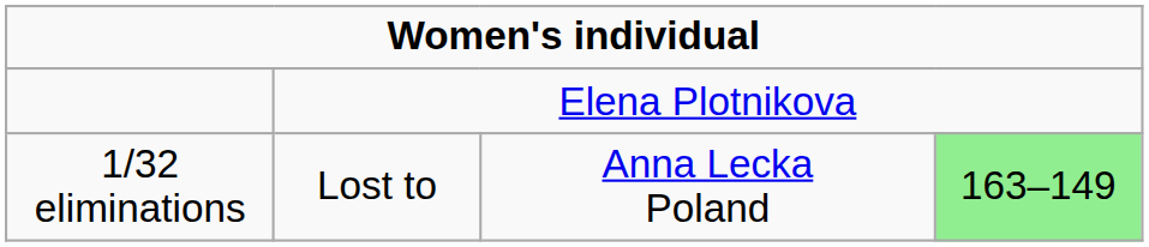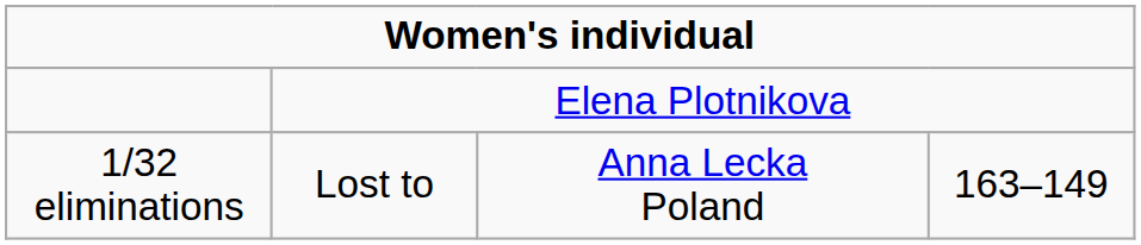 <table class="wikitable">
 <tr>
 <td align=center colspan=4><strong>Women's individual</strong></td>
 </tr>
 <tr>
 <td></td>
 <td align=center colspan=3><a href='#'>Elena Plotnikova</a></td>
 </tr>
 <tr>
 <td width="100px" align=center>1/32 eliminations</td>
 <td width="75px" align= center>Lost to</td>
 <td width="175px" align=center><a href='#'>Anna Lecka</a> <br>Poland</td>
-<td width="75px" align=center style="background: lightgreen;">163–149</td>
+<td width="75px" align=center>163–149</td>
 </tr>
 </table>
